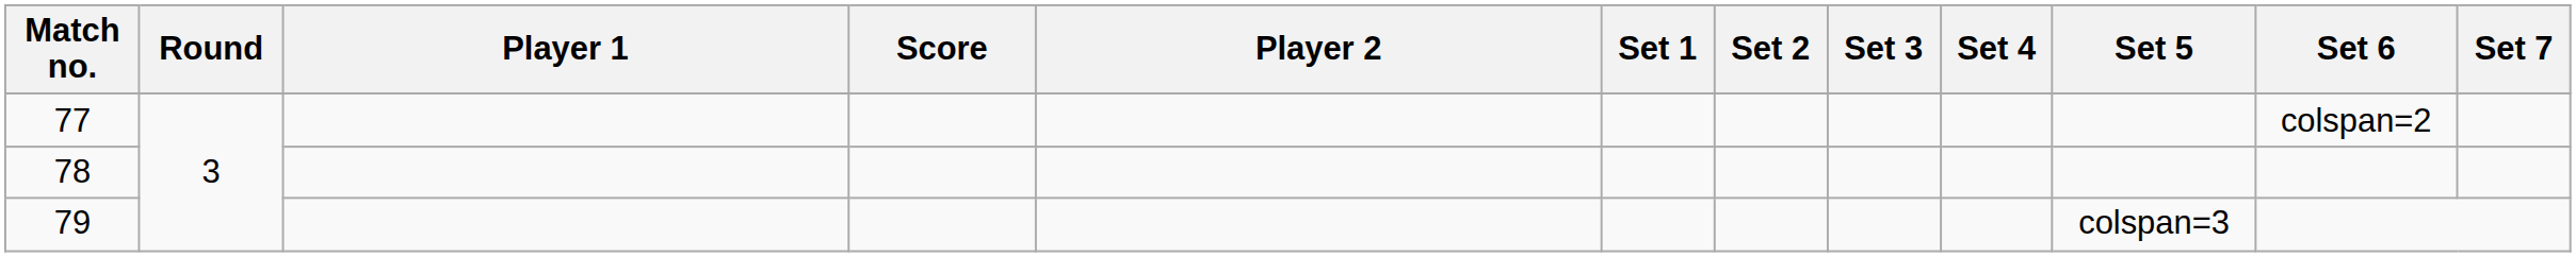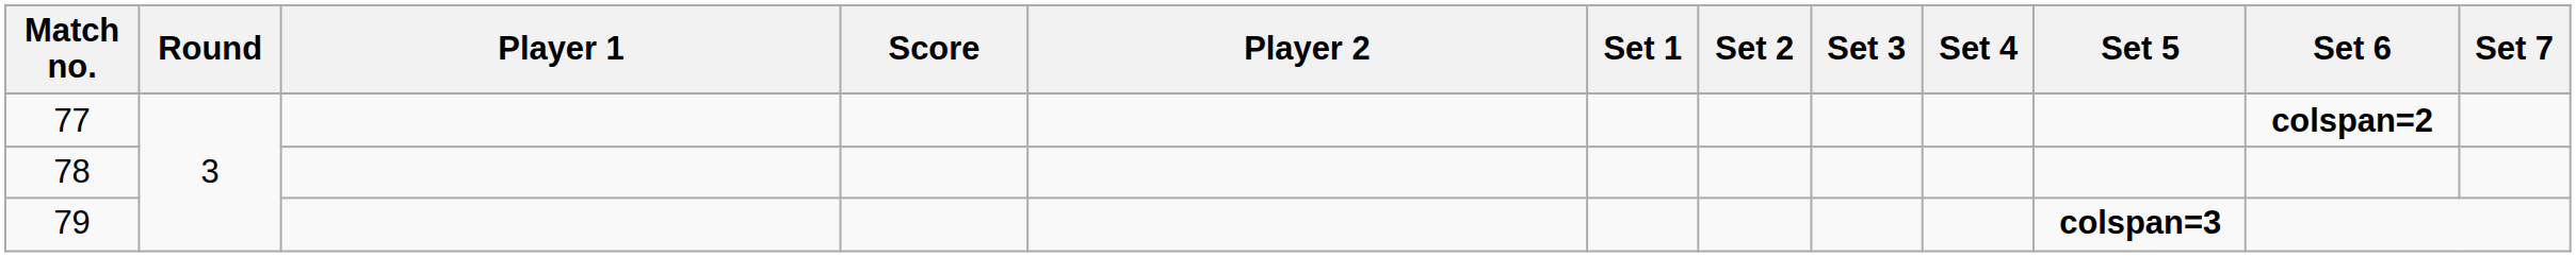 <table class="wikitable" style="text-align: center;">
 <tr>
 <th width="2%">Match no.</th>
 <th width="2%">Round</th>
 <th width="15%">Player 1</th>
 <th width="5%">Score</th>
 <th width="15%">Player 2</th>
 <th width="3%">Set 1</th>
 <th width="3%">Set 2</th>
 <th width="3%">Set 3</th>
 <th width="3%">Set 4</th>
 <th width="3%">Set 5</th>
 <th width="3%">Set 6</th>
 <th width="3%">Set 7</th>
 </tr>
 <tr>
 </tr>
 <tr style=text-align:center;>
 <td>77</td>
 <td rowspan=3>3</td>
 <td></td>
 <td></td>
 <td></td>
 <td></td>
 <td></td>
 <td></td>
 <td></td>
 <td></td>
-<td>colspan=2</td>
+<td><strong>colspan=2</strong></td>
 </tr>
 <tr style=text-align:center;>
 <td>78</td>
 <td></td>
 <td></td>
 <td></td>
 <td></td>
 <td></td>
 <td></td>
 <td></td>
 <td></td>
 <td></td>
 <td></td>
 </tr>
 <tr style=text-align:center;>
 <td>79</td>
 <td></td>
 <td></td>
 <td></td>
 <td></td>
 <td></td>
 <td></td>
 <td></td>
-<td>colspan=3</td>
+<td><strong>colspan=3</strong></td>
 </tr>
 </table>
